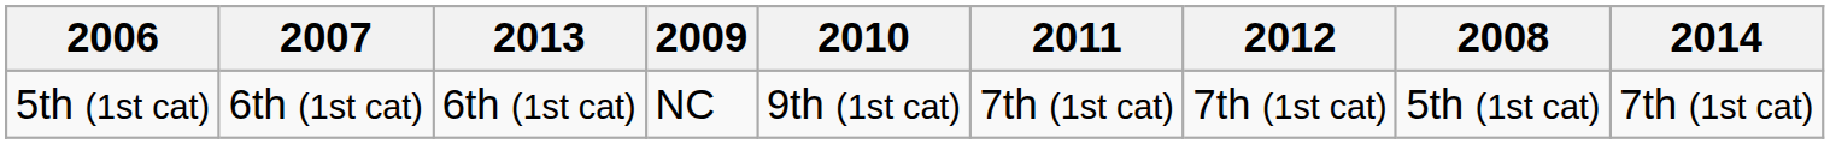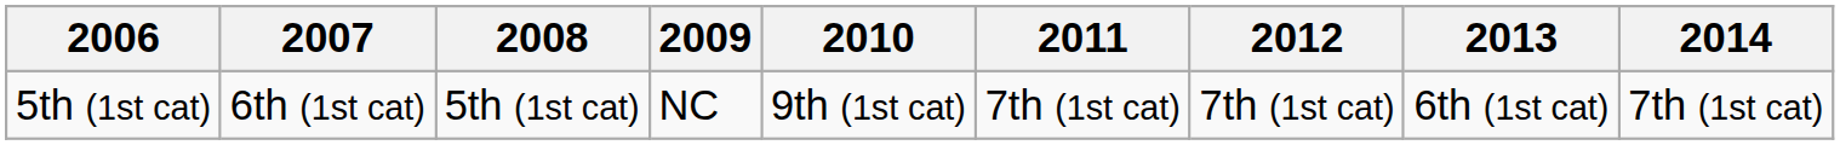 <table class="wikitable">
 <tr>
 <th>2006</th>
 <th>2007</th>
-<th>2013</th>
+<th>2008</th>
 <th>2009</th>
 <th>2010</th>
 <th>2011</th>
 <th>2012</th>
-<th>2008</th>
+<th>2013</th>
 <th>2014</th>
 </tr>
 <tr>
 <td><abbr>5th</abbr> <small>(<abbr>1st cat</abbr>)</small></td>
 <td><abbr>6th</abbr> <small>(<abbr>1st cat</abbr>)</small></td>
-<td><abbr>6th</abbr> <small>(<abbr>1st cat</abbr>)</small></td>
+<td><abbr>5th</abbr> <small>(<abbr>1st cat</abbr>)</small></td>
 <td><abbr>NC</abbr></td>
 <td><abbr>9th</abbr> <small>(<abbr>1st cat</abbr>)</small></td>
 <td><abbr>7th</abbr> <small>(<abbr>1st cat</abbr>)</small></td>
 <td><abbr>7th</abbr> <small>(<abbr>1st cat</abbr>)</small></td>
-<td><abbr>5th</abbr> <small>(<abbr>1st cat</abbr>)</small></td>
+<td><abbr>6th</abbr> <small>(<abbr>1st cat</abbr>)</small></td>
 <td><abbr>7th</abbr> <small>(<abbr>1st cat</abbr>)</small></td>
 </tr>
 </table>
